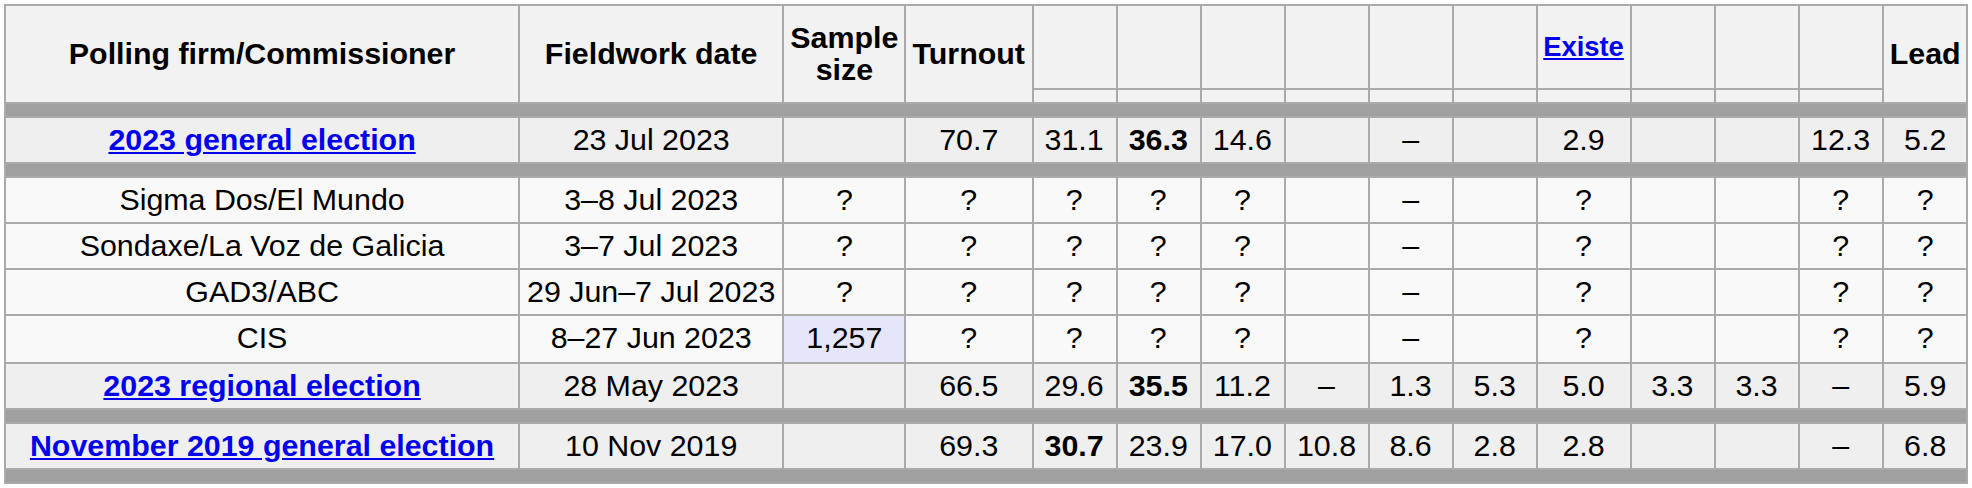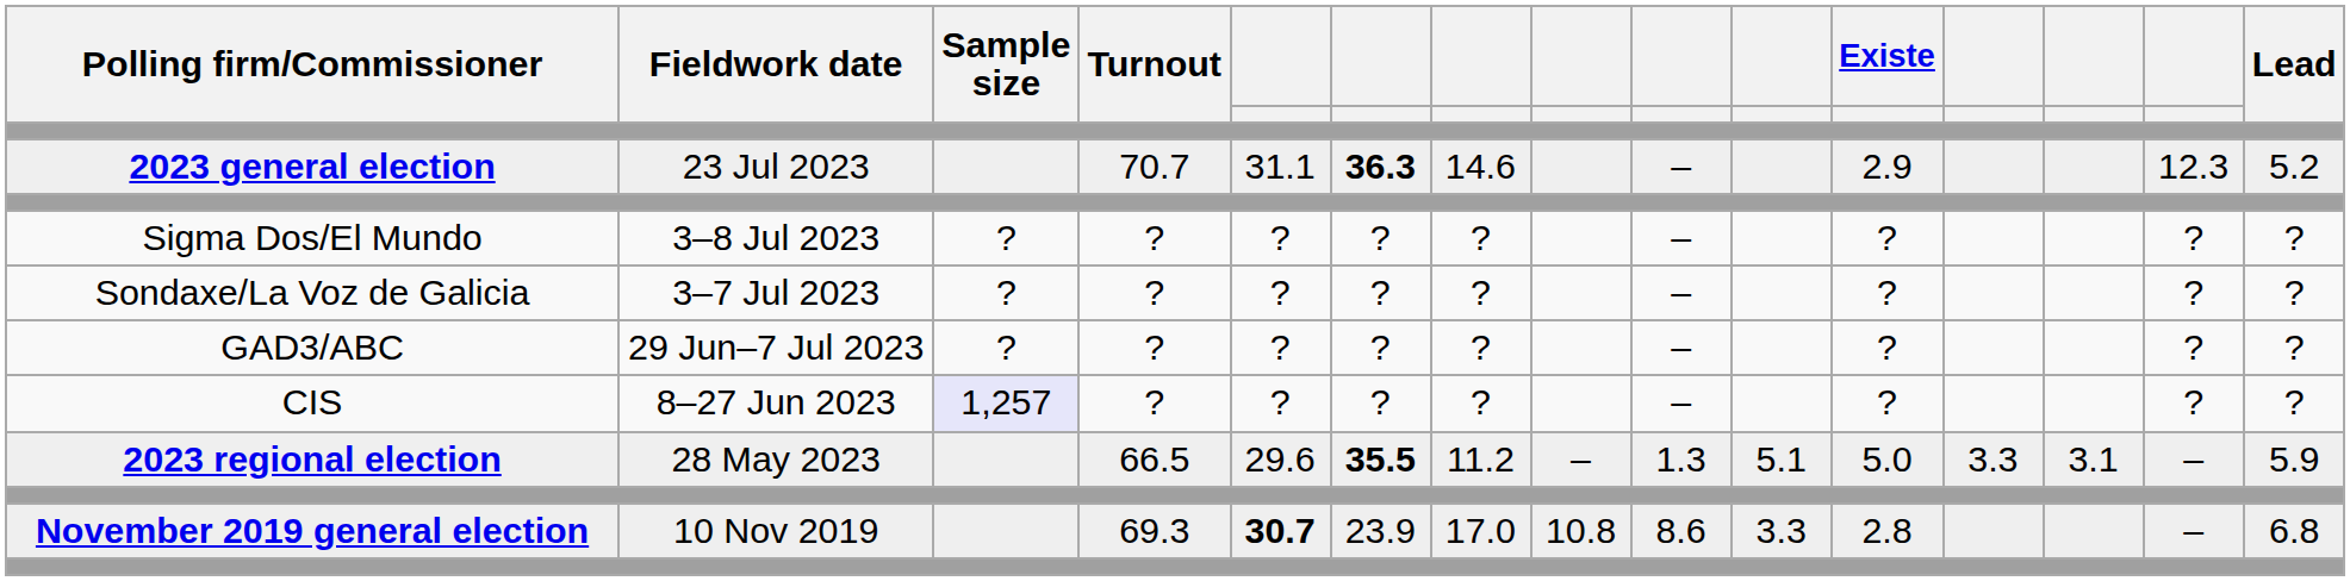 <table class="wikitable collapsible collapsed" style="text-align:center; font-size:95%; line-height:16px;">
 <tr style="height:42px;">
 <th style="width:250px;" rowspan="2">Polling firm/Commissioner</th>
 <th style="width:125px;" rowspan="2">Fieldwork date</th>
 <th style="width:50px;" rowspan="2">Sample size</th>
 <th style="width:45px;" rowspan="2">Turnout</th>
 <th style="width:35px;"></th>
 <th style="width:35px;"></th>
 <th style="width:35px;"></th>
 <th style="width:35px;"></th>
 <th style="width:35px;"></th>
 <th style="width:35px;"></th>
 <th style="width:35px; font-size:90%;"><a href='#'>Existe</a></th>
 <th style="width:35px;"></th>
 <th style="width:35px;"></th>
 <th style="width:35px;"></th>
 <th style="width:30px;" rowspan="2">Lead</th>
 </tr>
 <tr>
 <th style="color:inherit;background:"></th>
 <th style="color:inherit;background:"></th>
 <th style="color:inherit;background:"></th>
 <th style="color:inherit;background:"></th>
 <th style="color:inherit;background:"></th>
 <th style="color:inherit;background:"></th>
 <th style="color:inherit;background:"></th>
 <th style="color:inherit;background:"></th>
 <th style="color:inherit;background:"></th>
 <th style="color:inherit;background:"></th>
 </tr>
 <tr>
 <td colspan="15" style="background:#A0A0A0"></td>
 </tr>
 <tr style="background:#EFEFEF;">
 <td><strong><a href='#'>2023 general election</a></strong></td>
 <td>23 Jul 2023</td>
 <td></td>
 <td>70.7</td>
 <td>31.1<br></td>
 <td><strong>36.3</strong><br></td>
 <td>14.6<br></td>
 <td></td>
 <td>–</td>
 <td></td>
 <td>2.9<br></td>
 <td></td>
 <td></td>
 <td>12.3<br></td>
 <td style="background:">5.2</td>
 </tr>
 <tr>
 <td colspan="15" style="background:#A0A0A0"></td>
 </tr>
 <tr>
 <td>Sigma Dos/El Mundo</td>
 <td>3–8 Jul 2023</td>
 <td>?</td>
 <td>?</td>
 <td>?<br></td>
 <td>?<br></td>
 <td>?<br></td>
 <td></td>
 <td>–</td>
 <td></td>
 <td>?<br></td>
 <td></td>
 <td></td>
 <td>?<br></td>
 <td style="background:">?</td>
 </tr>
 <tr>
 <td>Sondaxe/La Voz de Galicia</td>
 <td>3–7 Jul 2023</td>
 <td>?</td>
 <td>?</td>
 <td>?<br></td>
 <td>?<br></td>
 <td>?<br></td>
 <td></td>
 <td>–</td>
 <td></td>
 <td>?<br></td>
 <td></td>
 <td></td>
 <td>?<br></td>
 <td style="background:">?</td>
 </tr>
 <tr>
 <td>GAD3/ABC</td>
 <td>29 Jun–7 Jul 2023</td>
 <td>?</td>
 <td>?</td>
 <td>?<br></td>
 <td>?<br></td>
 <td>?<br></td>
 <td></td>
 <td>–</td>
 <td></td>
 <td>?<br></td>
 <td></td>
 <td></td>
 <td>?<br></td>
 <td style="background:">?</td>
 </tr>
 <tr>
 <td>CIS</td>
 <td>8–27 Jun 2023</td>
 <td style="background: lavender;">1,257</td>
 <td>?</td>
 <td>?<br></td>
 <td>?<br></td>
 <td>?<br></td>
 <td></td>
 <td>–</td>
 <td></td>
 <td>?<br></td>
 <td></td>
 <td></td>
 <td>?<br></td>
 <td style="background:">?</td>
 </tr>
 <tr style="background:#EFEFEF;">
 <td><strong><a href='#'>2023 regional election</a></strong></td>
 <td>28 May 2023</td>
 <td></td>
 <td>66.5</td>
 <td>29.6<br></td>
 <td><strong>35.5</strong><br></td>
 <td>11.2<br></td>
 <td>–</td>
 <td>1.3<br></td>
-<td>5.3<br></td>
+<td>5.1<br></td>
 <td>5.0<br></td>
 <td>3.3<br></td>
-<td>3.3<br></td>
+<td>3.1<br></td>
 <td>–</td>
 <td style="background:">5.9</td>
 </tr>
 <tr>
 <td colspan="15" style="background:#A0A0A0"></td>
 </tr>
 <tr style="background:#EFEFEF;">
 <td><strong><a href='#'>November 2019 general election</a></strong></td>
 <td>10 Nov 2019</td>
 <td></td>
 <td>69.3</td>
 <td><strong>30.7</strong><br></td>
 <td>23.9<br></td>
 <td>17.0<br></td>
 <td>10.8<br></td>
 <td>8.6<br></td>
-<td>2.8<br></td>
+<td>3.3<br></td>
 <td>2.8<br></td>
 <td></td>
 <td></td>
 <td>–</td>
 <td style="background:">6.8</td>
 </tr>
 <tr>
 <td colspan="15" style="background:#A0A0A0"></td>
 </tr>
 </table>
